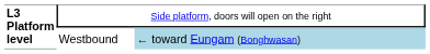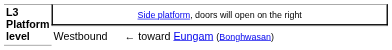 <table table border=0 cellspacing=0 cellpadding=3>
 <tr>
 <td style="border-top:solid 1px gray;border-bottom:solid 1px gray;" width=50 rowspan=10 valign=top><strong>L3<br>Platform level</strong></td>
 <td style="border-top:solid 1px gray;border-right:solid 2px black;border-left:solid 2px black;border-bottom:solid 2px black;text-align:center;" colspan=2><small><a href='#'>Side platform</a>, doors will open on the right </small></td>
 </tr>
 <tr>
 <td style="border-bottom:solid 0px gray;border-top:solid 1px gray;" width=100>Westbound</td>
-<td style="background: lightblue; border-bottom:solid 0px gray;border-top:solid 1px gray;" width=390>←  toward <a href='#'>Eungam</a> <small>(<a href='#'>Bonghwasan</a>)</small></td>
+<td style="border-bottom:solid 0px gray;border-top:solid 1px gray;" width=390>←  toward <a href='#'>Eungam</a> <small>(<a href='#'>Bonghwasan</a>)</small></td>
 </tr>
 </table>
